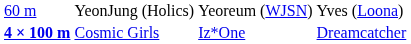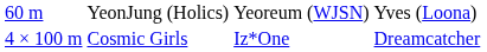 <table>
 <tr>
 <td><a href='#'>60 m</a></td>
 <td>YeonJung (Holics)</td>
 <td>Yeoreum (<a href='#'>WJSN</a>)</td>
 <td>Yves (<a href='#'>Loona</a>)</td>
 </tr>
 <tr>
-<td><strong><a href='#'>4 × 100 m</a></strong></td>
+<td><a href='#'>4 × 100 m</a></td>
 <td><a href='#'>Cosmic Girls</a></td>
 <td><a href='#'>Iz*One</a></td>
 <td><a href='#'>Dreamcatcher</a></td>
 </tr>
 </table>
